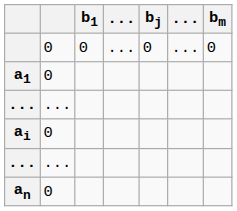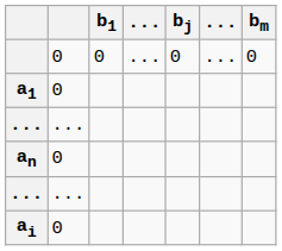 <table class="wikitable" style="font-family: monospace">
 <tr>
 <th scope="col" style="width:18px;"></th>
 <th scope="col" style="width:18px;"></th>
 <th scope="col" style="width:18px;">b<sub>1</sub></th>
 <th scope="col" style="width:18px;">...</th>
 <th scope="col" style="width:18px;">b<sub>j</sub></th>
 <th scope="col" style="width:18px;">...</th>
 <th scope="col" style="width:18px;">b<sub>m</sub></th>
 </tr>
 <tr>
 <th scope="row" style="height:18px;"></th>
 <td>0</td>
 <td>0</td>
 <td>...</td>
 <td>0</td>
 <td>...</td>
 <td>0</td>
 </tr>
 <tr>
 <th scope="row" style="height:18px;">a<sub>1</sub></th>
 <td>0</td>
 <td></td>
 <td></td>
 <td></td>
 <td></td>
 <td></td>
 </tr>
 <tr>
 <th scope="row" style="height:18px;">...</th>
 <td>...</td>
 <td></td>
 <td></td>
 <td></td>
 <td></td>
 <td></td>
 </tr>
 <tr>
-<th scope="row" style="height:18px;">a<sub>i</sub></th>
+<th scope="row" style="height:18px;">a<sub>n</sub></th>
 <td>0</td>
 <td></td>
 <td></td>
 <td></td>
 <td></td>
 <td></td>
 </tr>
 <tr>
 <th scope="row" style="height:18px;">...</th>
 <td>...</td>
 <td></td>
 <td></td>
 <td></td>
 <td></td>
 <td></td>
 </tr>
 <tr>
-<th scope="row" style="height:18px;">a<sub>n</sub></th>
+<th scope="row" style="height:18px;">a<sub>i</sub></th>
 <td>0</td>
 <td></td>
 <td></td>
 <td></td>
 <td></td>
 <td></td>
 </tr>
 </table>
